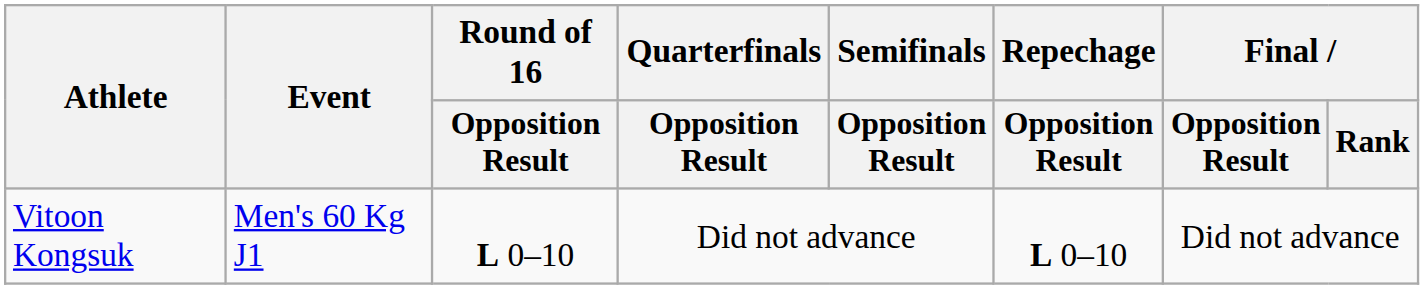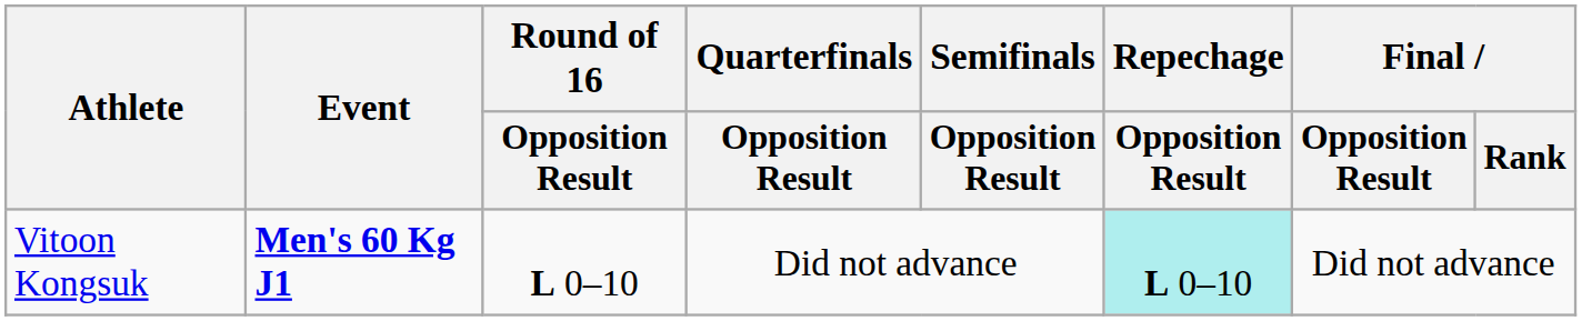 <table class="wikitable" style="font-size:90%">
 <tr>
 <th rowspan="2">Athlete</th>
 <th rowspan="2">Event</th>
 <th>Round of 16</th>
 <th>Quarterfinals</th>
 <th>Semifinals</th>
 <th>Repechage</th>
 <th colspan=2>Final / </th>
 </tr>
 <tr style="font-size:95%">
 <th>Opposition<br>Result</th>
 <th>Opposition<br>Result</th>
 <th>Opposition<br>Result</th>
 <th>Opposition<br>Result</th>
 <th>Opposition<br>Result</th>
 <th>Rank</th>
 </tr>
 <tr align=center>
 <td align=left><a href='#'>Vitoon Kongsuk</a></td>
-<td align=left><a href='#'>Men's 60 Kg J1</a></td>
+<td align=left><strong><a href='#'>Men's 60 Kg J1</a></strong></td>
 <td><br><strong>L</strong> 0–10</td>
 <td colspan="2">Did not advance</td>
-<td><br><strong>L</strong> 0–10</td>
+<td style="background: paleturquoise;"><br><strong>L</strong> 0–10</td>
 <td colspan="2">Did not advance</td>
 </tr>
 </table>
